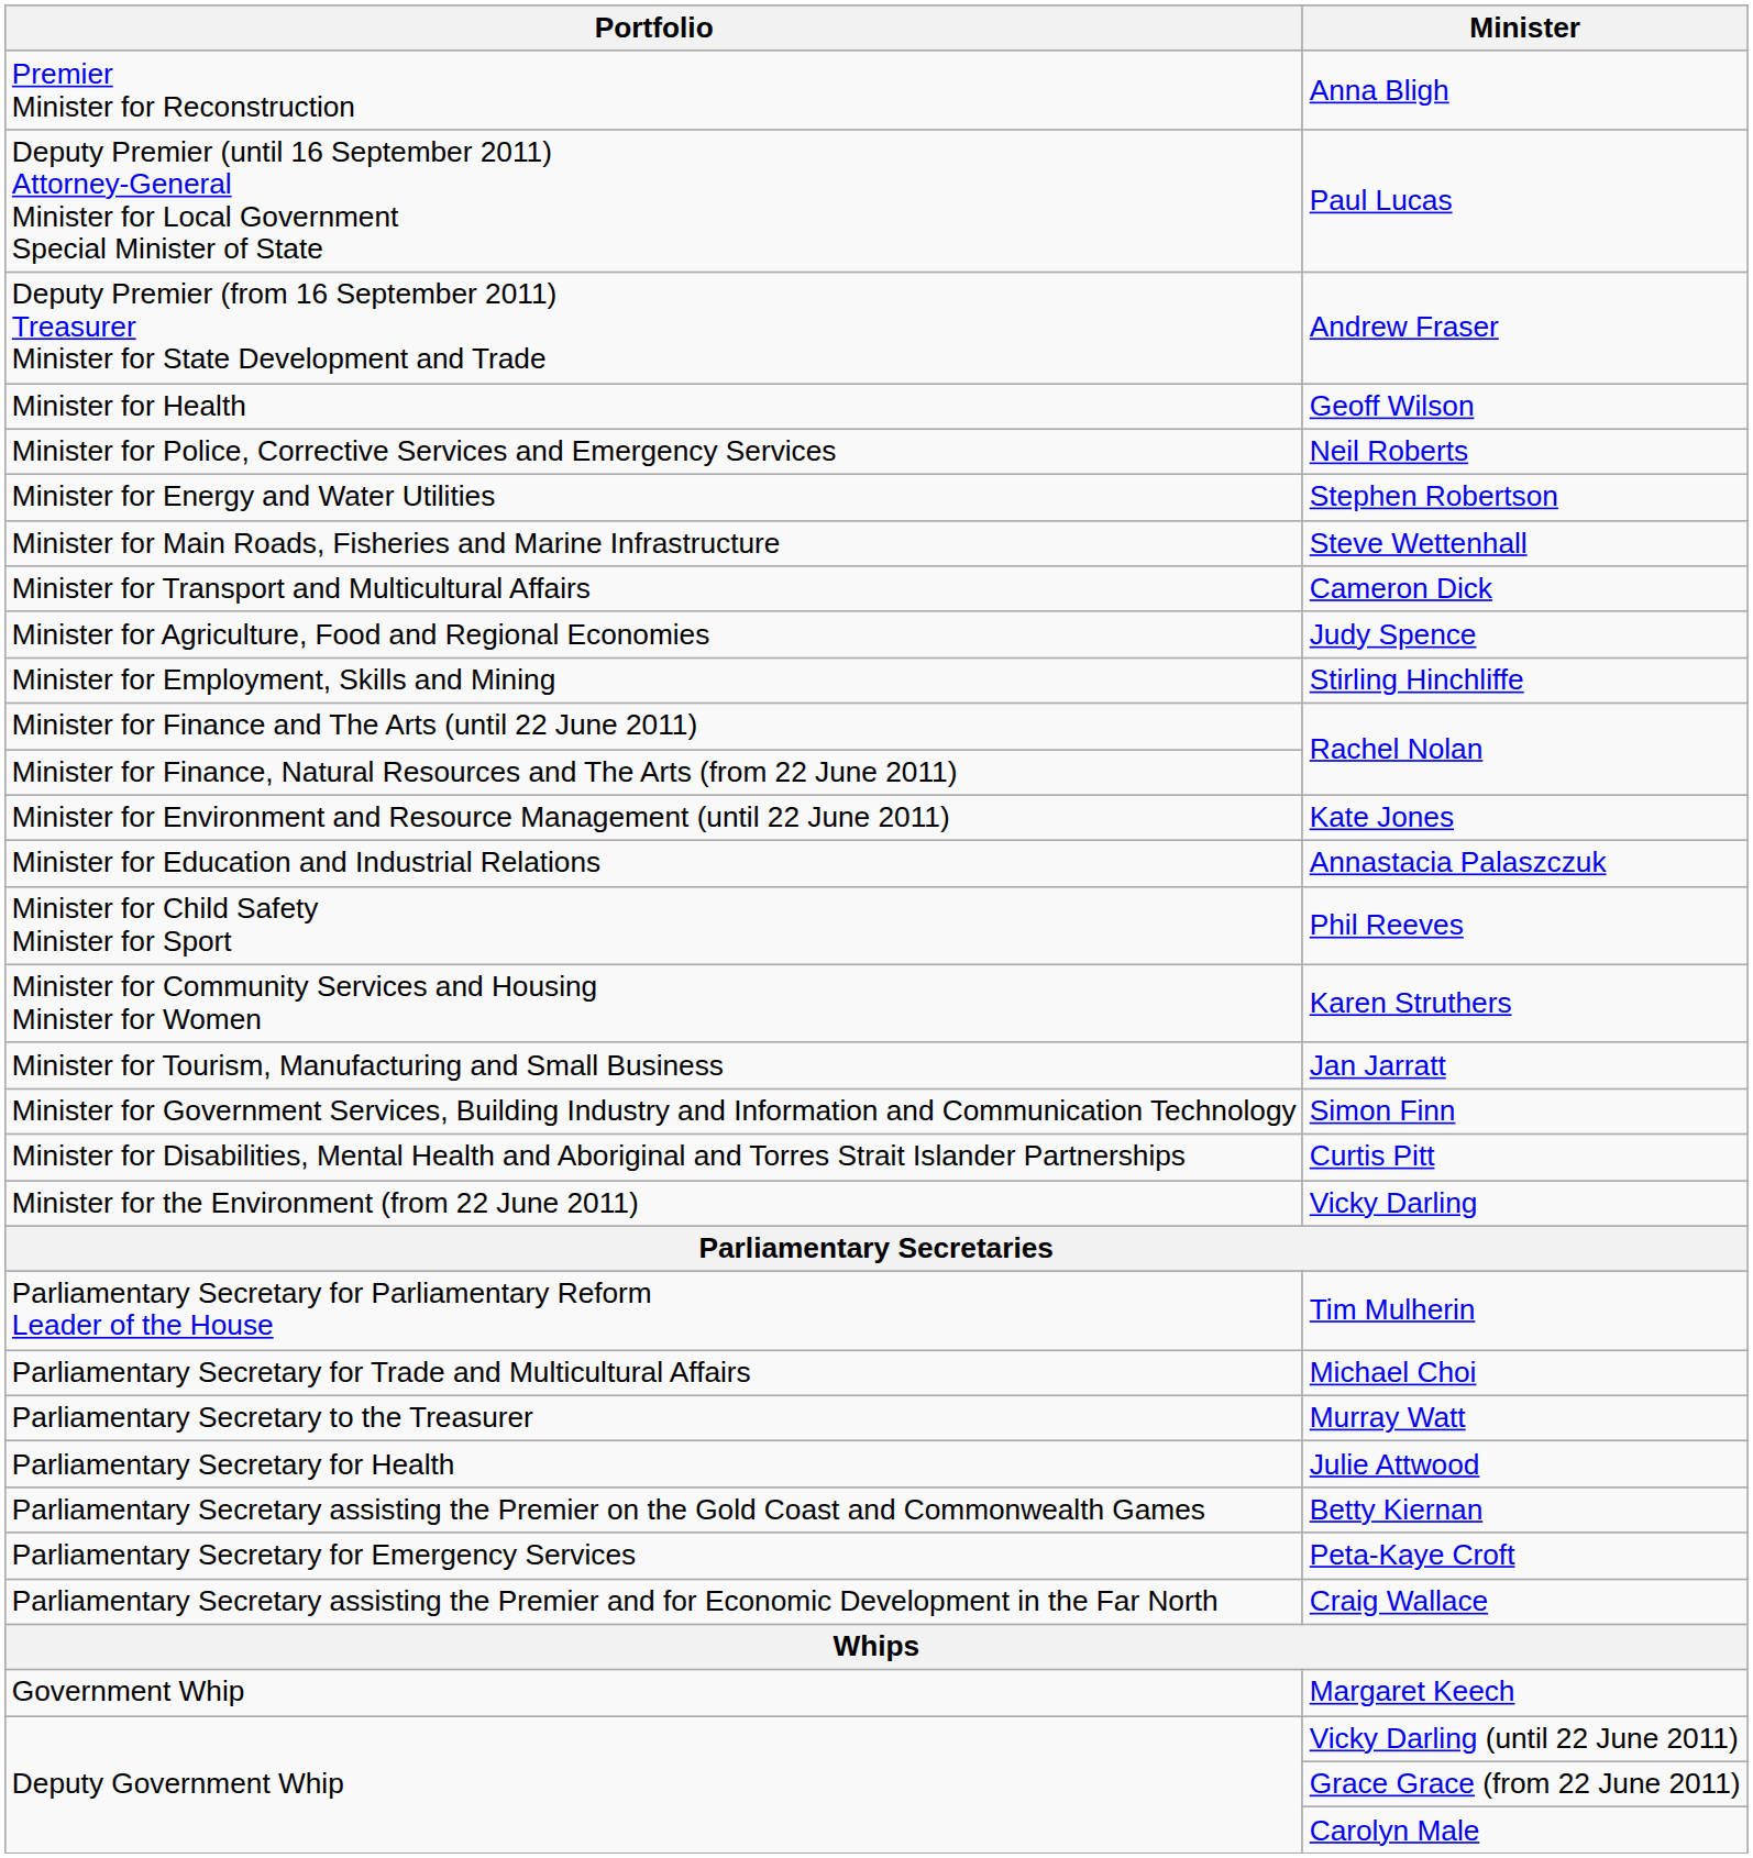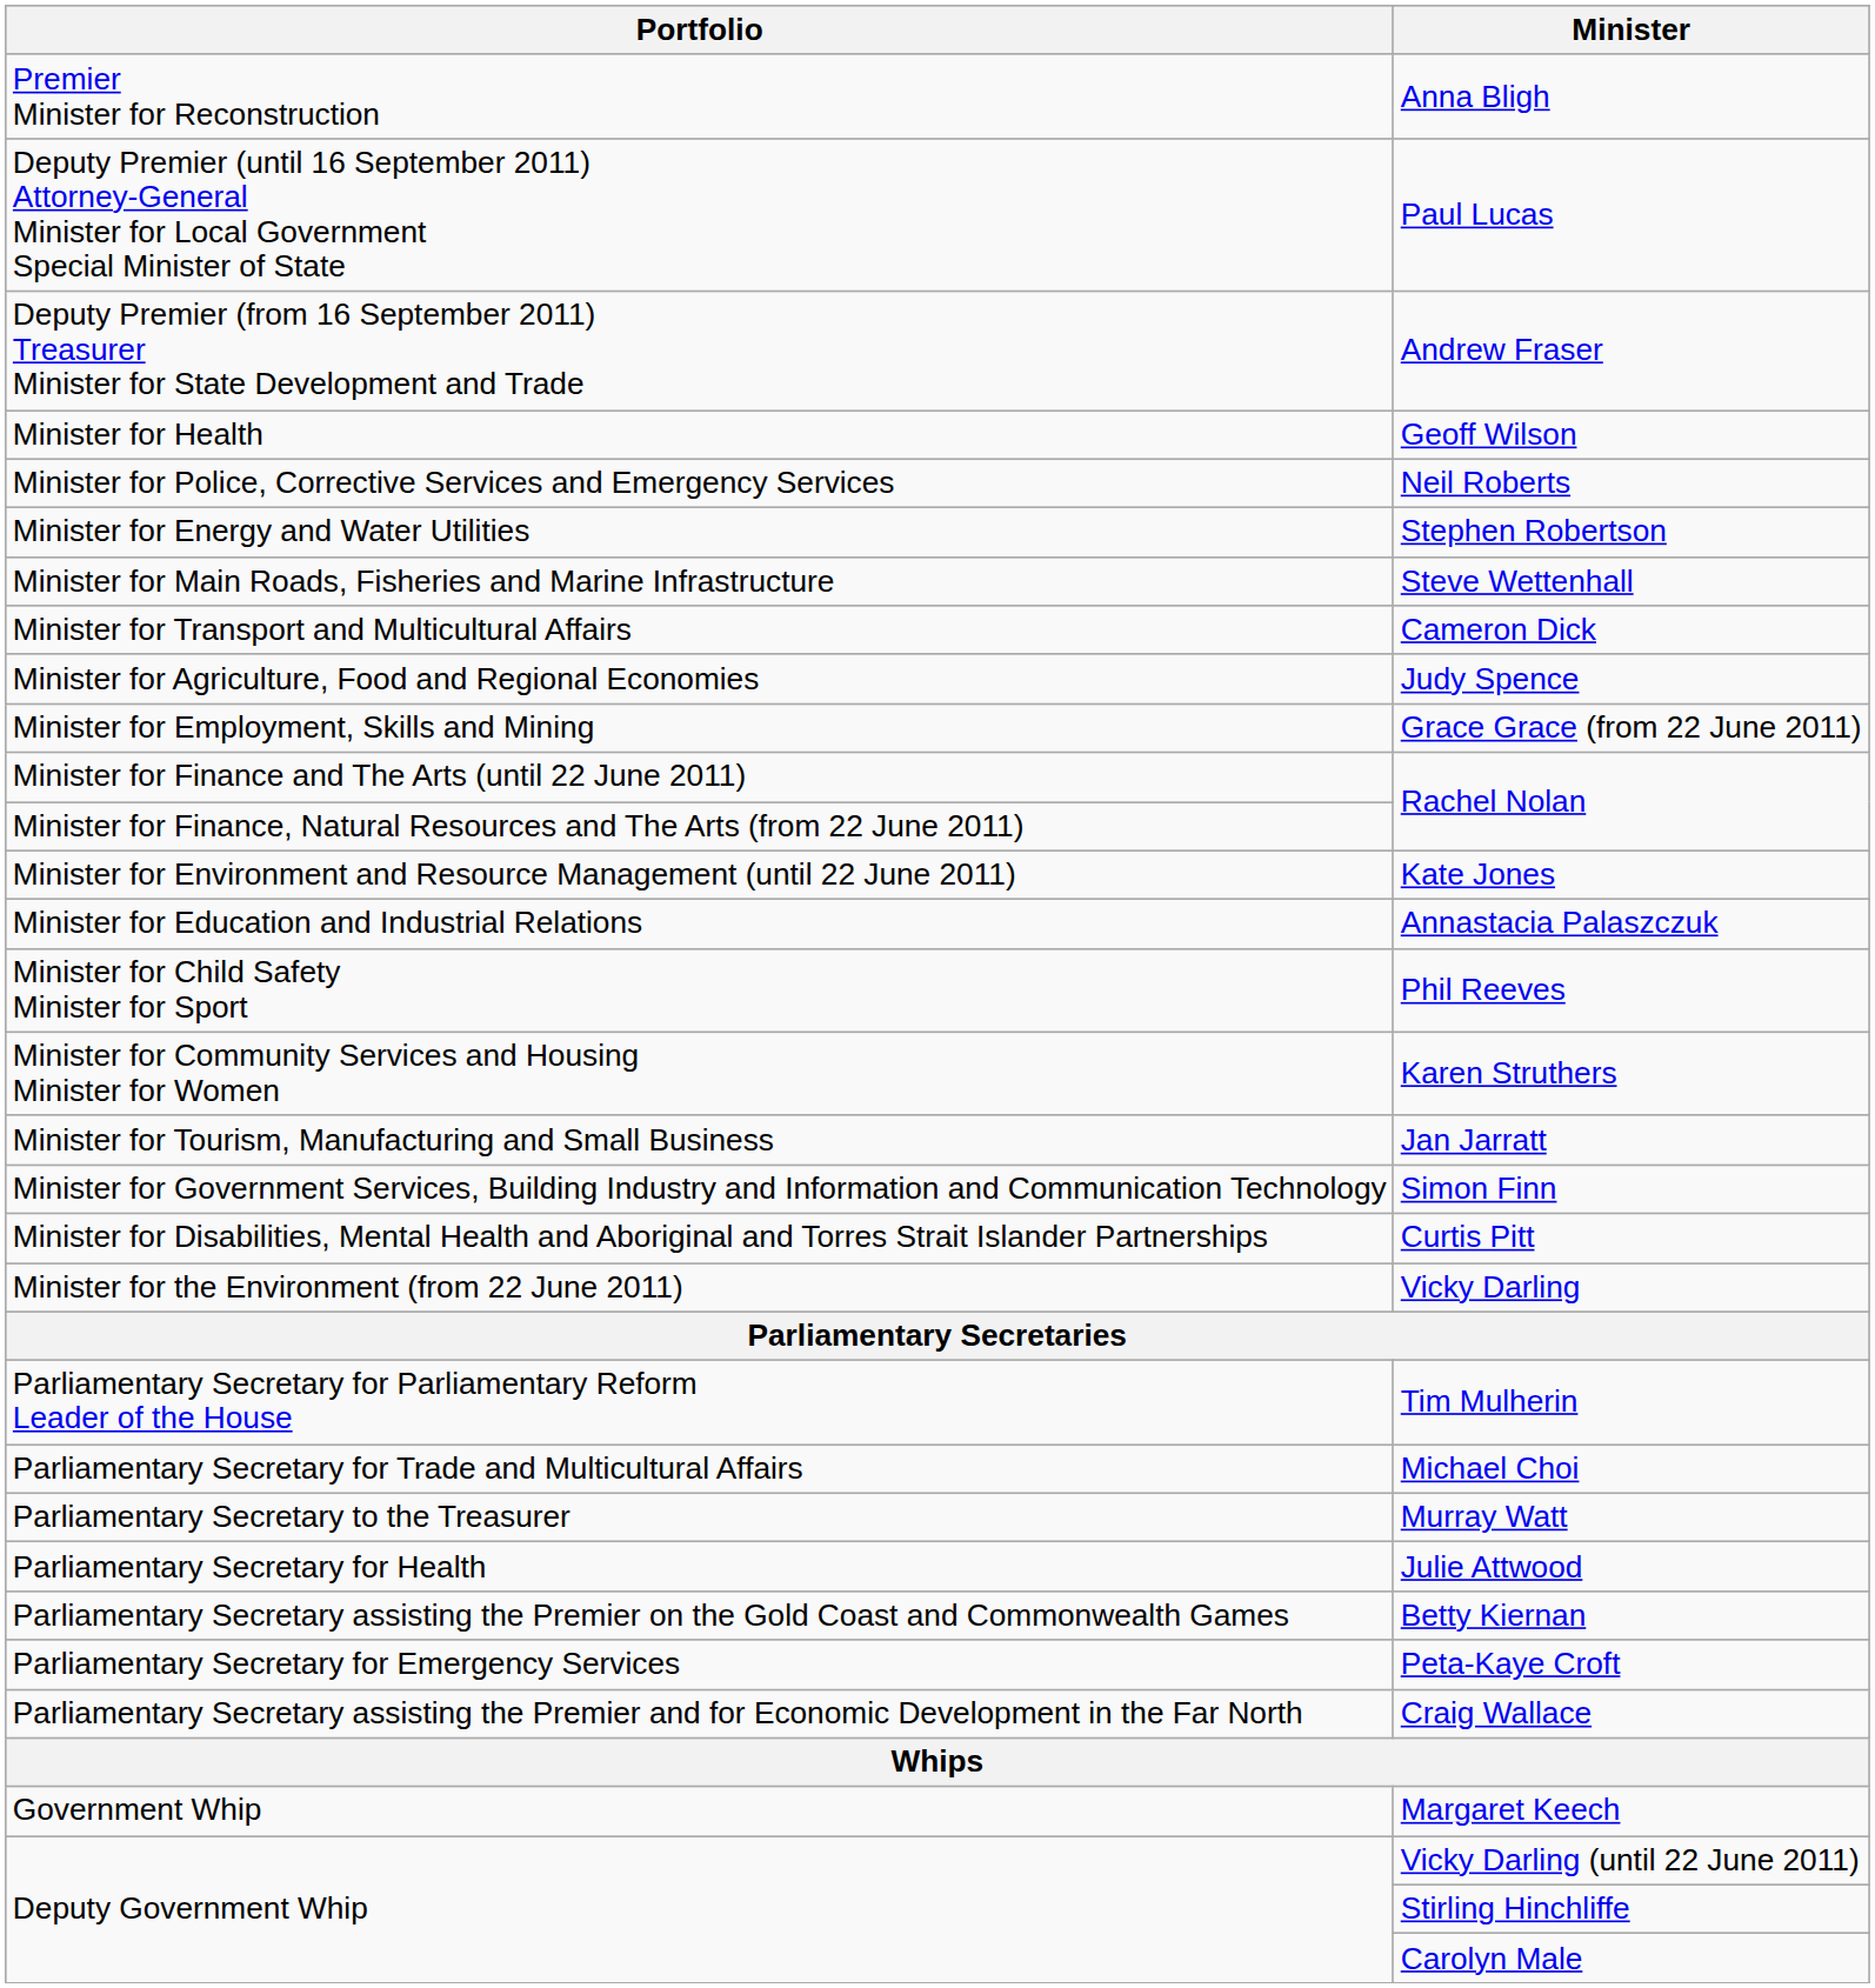 <table class="wikitable">
 <tr>
 <th>Portfolio</th>
 <th>Minister</th>
 </tr>
 <tr>
 <td><a href='#'>Premier</a><br>Minister for Reconstruction</td>
 <td><a href='#'>Anna Bligh</a></td>
 </tr>
 <tr>
 <td>Deputy Premier (until 16 September 2011)<br><a href='#'>Attorney-General</a><br>Minister for Local Government<br>Special Minister of State</td>
 <td><a href='#'>Paul Lucas</a></td>
 </tr>
 <tr>
 <td>Deputy Premier (from 16 September 2011)<br><a href='#'>Treasurer</a><br>Minister for State Development and Trade</td>
 <td><a href='#'>Andrew Fraser</a></td>
 </tr>
 <tr>
 <td>Minister for Health</td>
 <td><a href='#'>Geoff Wilson</a></td>
 </tr>
 <tr>
 <td>Minister for Police, Corrective Services and Emergency Services</td>
 <td><a href='#'>Neil Roberts</a></td>
 </tr>
 <tr>
 <td>Minister for Energy and Water Utilities</td>
 <td><a href='#'>Stephen Robertson</a></td>
 </tr>
 <tr>
 <td>Minister for Main Roads, Fisheries and Marine Infrastructure</td>
 <td><a href='#'>Steve Wettenhall</a></td>
 </tr>
 <tr>
 <td>Minister for Transport and Multicultural Affairs</td>
 <td><a href='#'>Cameron Dick</a></td>
 </tr>
 <tr>
 <td>Minister for Agriculture, Food and Regional Economies</td>
 <td><a href='#'>Judy Spence</a></td>
 </tr>
 <tr>
 <td>Minister for Employment, Skills and Mining</td>
-<td><a href='#'>Stirling Hinchliffe</a></td>
+<td><a href='#'>Grace Grace</a> (from 22 June 2011)</td>
 </tr>
 <tr>
 <td>Minister for Finance and The Arts (until 22 June 2011)</td>
 <td rowspan=2><a href='#'>Rachel Nolan</a></td>
 </tr>
 <tr>
 <td>Minister for Finance, Natural Resources and The Arts (from 22 June 2011)</td>
 </tr>
 <tr>
 <td>Minister for Environment and Resource Management (until 22 June 2011)</td>
 <td><a href='#'>Kate Jones</a></td>
 </tr>
 <tr>
 <td>Minister for Education and Industrial Relations</td>
 <td><a href='#'>Annastacia Palaszczuk</a></td>
 </tr>
 <tr>
 <td>Minister for Child Safety<br>Minister for Sport</td>
 <td><a href='#'>Phil Reeves</a></td>
 </tr>
 <tr>
 <td>Minister for Community Services and Housing<br>Minister for Women</td>
 <td><a href='#'>Karen Struthers</a></td>
 </tr>
 <tr>
 <td>Minister for Tourism, Manufacturing and Small Business</td>
 <td><a href='#'>Jan Jarratt</a></td>
 </tr>
 <tr>
 <td>Minister for Government Services, Building Industry and Information and Communication Technology</td>
 <td><a href='#'>Simon Finn</a></td>
 </tr>
 <tr>
 <td>Minister for Disabilities, Mental Health and Aboriginal and Torres Strait Islander Partnerships</td>
 <td><a href='#'>Curtis Pitt</a></td>
 </tr>
 <tr>
 <td>Minister for the Environment (from 22 June 2011)</td>
 <td><a href='#'>Vicky Darling</a></td>
 </tr>
 <tr>
 <th colspan=2>Parliamentary Secretaries</th>
 </tr>
 <tr>
 <td>Parliamentary Secretary for Parliamentary Reform<br><a href='#'>Leader of the House</a></td>
 <td><a href='#'>Tim Mulherin</a></td>
 </tr>
 <tr>
 <td>Parliamentary Secretary for Trade and Multicultural Affairs</td>
 <td><a href='#'>Michael Choi</a></td>
 </tr>
 <tr>
 <td>Parliamentary Secretary to the Treasurer</td>
 <td><a href='#'>Murray Watt</a></td>
 </tr>
 <tr>
 <td>Parliamentary Secretary for Health</td>
 <td><a href='#'>Julie Attwood</a></td>
 </tr>
 <tr>
 <td>Parliamentary Secretary assisting the Premier on the Gold Coast and Commonwealth Games</td>
 <td><a href='#'>Betty Kiernan</a></td>
 </tr>
 <tr>
 <td>Parliamentary Secretary for Emergency Services</td>
 <td><a href='#'>Peta-Kaye Croft</a></td>
 </tr>
 <tr>
 <td>Parliamentary Secretary assisting the Premier and for Economic Development in the Far North</td>
 <td><a href='#'>Craig Wallace</a></td>
 </tr>
 <tr>
 <th colspan=2>Whips</th>
 </tr>
 <tr>
 <td>Government Whip</td>
 <td><a href='#'>Margaret Keech</a></td>
 </tr>
 <tr>
 <td rowspan=3>Deputy Government Whip</td>
 <td><a href='#'>Vicky Darling</a> (until 22 June 2011)</td>
 </tr>
 <tr>
-<td><a href='#'>Grace Grace</a> (from 22 June 2011)</td>
+<td><a href='#'>Stirling Hinchliffe</a></td>
 </tr>
 <tr>
 <td><a href='#'>Carolyn Male</a></td>
 </tr>
 </table>
